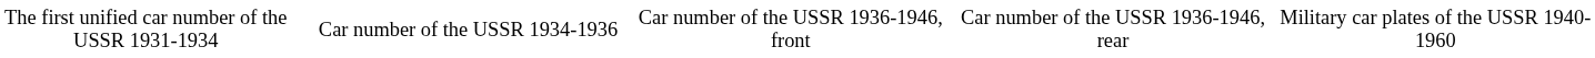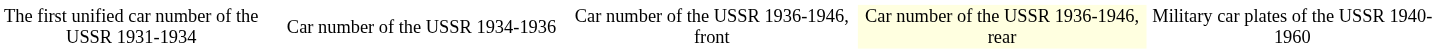 <table class="graytable" style="text-align:center">
 <tr>
 <td width="20%"></td>
 <td width="20%"></td>
 <td width="20%"></td>
 <td width="20%"></td>
 <td width="20%"></td>
 </tr>
 <tr>
 <td>The first unified car number of the USSR 1931-1934</td>
 <td>Car number of the USSR 1934-1936</td>
 <td>Car number of the USSR 1936-1946, front</td>
-<td>Car number of the USSR 1936-1946, rear</td>
+<td style="background: lightyellow;">Car number of the USSR 1936-1946, rear</td>
 <td>Military car plates of the USSR 1940-1960</td>
 </tr>
 </table>
